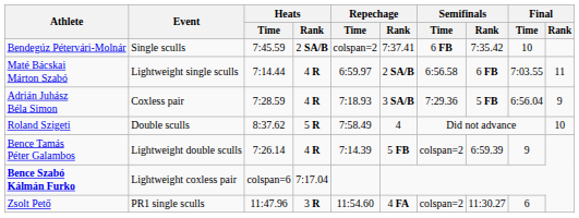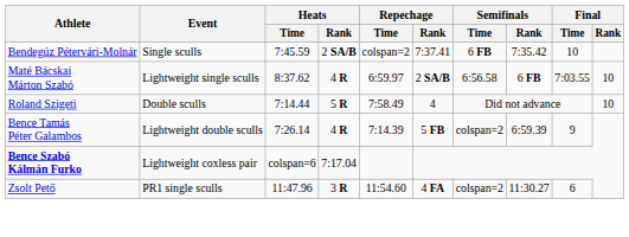 <table class="wikitable" style="font-size:90%">
 <tr>
 <th rowspan="2">Athlete</th>
 <th rowspan="2">Event</th>
 <th colspan="2">Heats</th>
 <th colspan="2">Repechage</th>
 <th colspan="2">Semifinals</th>
 <th colspan="2">Final</th>
 </tr>
 <tr style="font-size:95%">
 <th>Time</th>
 <th>Rank</th>
 <th>Time</th>
 <th>Rank</th>
 <th>Time</th>
 <th>Rank</th>
 <th>Time</th>
 <th>Rank</th>
 </tr>
 <tr align=center>
 <td align=left><a href='#'>Bendegúz Pétervári-Molnár</a></td>
 <td align=left>Single sculls</td>
 <td>7:45.59</td>
 <td>2 <strong>SA/B</strong></td>
 <td>colspan=2</td>
 <td>7:37.41</td>
 <td>6 <strong>FB</strong></td>
 <td>7:35.42</td>
 <td>10</td>
 </tr>
 <tr align=center>
 <td align=left><a href='#'>Maté Bácskai</a><br><a href='#'>Márton Szabó</a></td>
 <td align=left>Lightweight single sculls</td>
-<td>7:14.44</td>
+<td>8:37.62</td>
 <td>4 <strong>R</strong></td>
 <td>6:59.97</td>
 <td>2 <strong>SA/B</strong></td>
 <td>6:56.58</td>
 <td>6 <strong>FB</strong></td>
 <td>7:03.55</td>
-<td>11</td>
-</tr>
-<tr align=center>
-<td align=left><a href='#'>Adrián Juhász</a><br><a href='#'>Béla Simon</a></td>
-<td align=left>Coxless pair</td>
-<td>7:28.59</td>
-<td>4 <strong>R</strong></td>
-<td>7:18.93</td>
-<td>3 <strong>SA/B</strong></td>
-<td>7:29.36</td>
-<td>5 <strong>FB</strong></td>
-<td>6:56.04</td>
-<td>9</td>
+<td>10</td>
 </tr>
 <tr align=center>
 <td align=left><a href='#'>Roland Szigeti</a></td>
 <td align=left>Double sculls</td>
-<td>8:37.62</td>
+<td>7:14.44</td>
 <td>5 <strong>R</strong></td>
 <td>7:58.49</td>
 <td>4</td>
 <td colspan=3>Did not advance</td>
 <td>10</td>
 </tr>
 <tr align=center>
 <td align=left><a href='#'>Bence Tamás</a><br><a href='#'>Péter Galambos</a></td>
 <td align=left>Lightweight double sculls</td>
 <td>7:26.14</td>
 <td>4 <strong>R</strong></td>
 <td>7:14.39</td>
 <td>5 <strong>FB</strong></td>
 <td>colspan=2</td>
 <td>6:59.39</td>
 <td>9</td>
 </tr>
 <tr align=center>
 <td align=left><strong><a href='#'>Bence Szabó</a><br><a href='#'>Kálmán Furko</a></strong></td>
 <td align=left>Lightweight coxless pair</td>
 <td>colspan=6</td>
 <td>7:17.04</td>
 <td></td>
 </tr>
 <tr align=center>
 <td align=left><a href='#'>Zsolt Pető</a></td>
 <td align=left>PR1 single sculls</td>
 <td>11:47.96</td>
 <td>3 <strong>R</strong></td>
 <td>11:54.60</td>
 <td>4 <strong>FA</strong></td>
 <td>colspan=2</td>
 <td>11:30.27</td>
 <td>6</td>
 </tr>
 </table>
